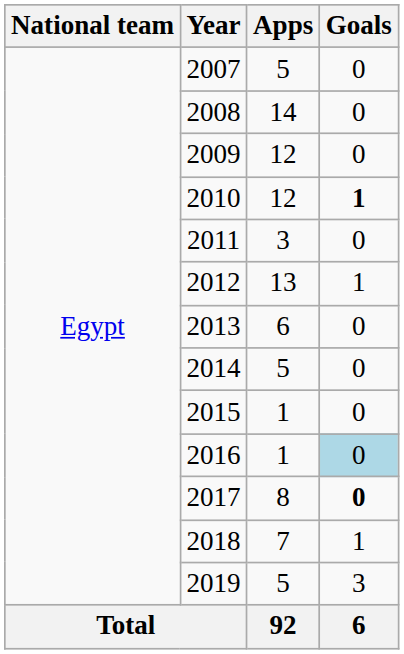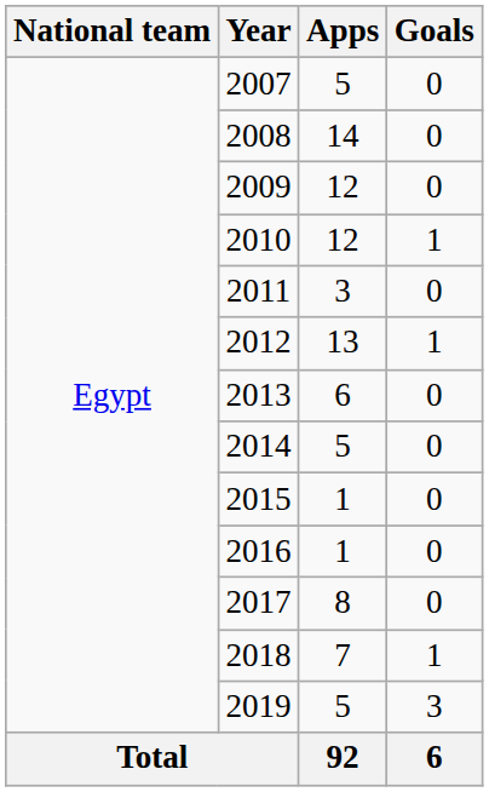 <table class="wikitable" style="text-align:center">
 <tr>
 <th>National team</th>
 <th>Year</th>
 <th>Apps</th>
 <th>Goals</th>
 </tr>
 <tr>
 <td rowspan="13"><a href='#'>Egypt</a></td>
 <td>2007</td>
 <td>5</td>
 <td>0</td>
 </tr>
 <tr>
 <td>2008</td>
 <td>14</td>
 <td>0</td>
 </tr>
 <tr>
 <td>2009</td>
 <td>12</td>
 <td>0</td>
 </tr>
 <tr>
 <td>2010</td>
 <td>12</td>
-<td><strong>1</strong></td>
+<td>1</td>
 </tr>
 <tr>
 <td>2011</td>
 <td>3</td>
 <td>0</td>
 </tr>
 <tr>
 <td>2012</td>
 <td>13</td>
 <td>1</td>
 </tr>
 <tr>
 <td>2013</td>
 <td>6</td>
 <td>0</td>
 </tr>
 <tr>
 <td>2014</td>
 <td>5</td>
 <td>0</td>
 </tr>
 <tr>
 <td>2015</td>
 <td>1</td>
 <td>0</td>
 </tr>
 <tr>
 <td>2016</td>
 <td>1</td>
-<td style="background: lightblue;">0</td>
+<td>0</td>
 </tr>
 <tr>
 <td>2017</td>
 <td>8</td>
-<td><strong>0</strong></td>
+<td>0</td>
 </tr>
 <tr>
 <td>2018</td>
 <td>7</td>
 <td>1</td>
 </tr>
 <tr>
 <td>2019</td>
 <td>5</td>
 <td>3</td>
 </tr>
 <tr>
 <th colspan="2">Total</th>
 <th>92</th>
 <th>6</th>
 </tr>
 </table>
